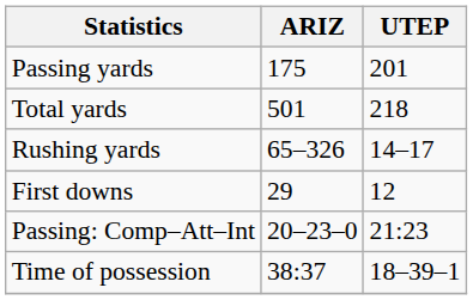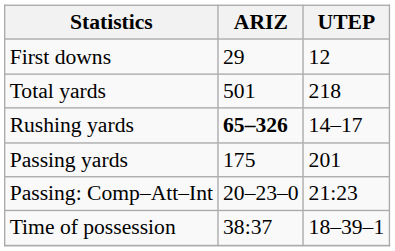 <table class="wikitable" style="float: left;">
 <tr>
 <th>Statistics</th>
 <th>ARIZ</th>
 <th>UTEP</th>
 </tr>
 <tr>
-<td>Passing yards</td>
-<td>175</td>
-<td>201</td>
+<td>First downs</td>
+<td>29</td>
+<td>12</td>
 </tr>
 <tr>
 <td>Total yards</td>
 <td>501</td>
 <td>218</td>
 </tr>
 <tr>
 <td>Rushing yards</td>
-<td>65–326</td>
+<td><strong>65–326</strong></td>
 <td>14–17</td>
 </tr>
 <tr>
-<td>First downs</td>
-<td>29</td>
-<td>12</td>
+<td>Passing yards</td>
+<td>175</td>
+<td>201</td>
 </tr>
 <tr>
 <td>Passing: Comp–Att–Int</td>
 <td>20–23–0</td>
 <td>21:23</td>
 </tr>
 <tr>
 <td>Time of possession</td>
 <td>38:37</td>
 <td>18–39–1</td>
 </tr>
 <tr>
 </tr>
 </table>
